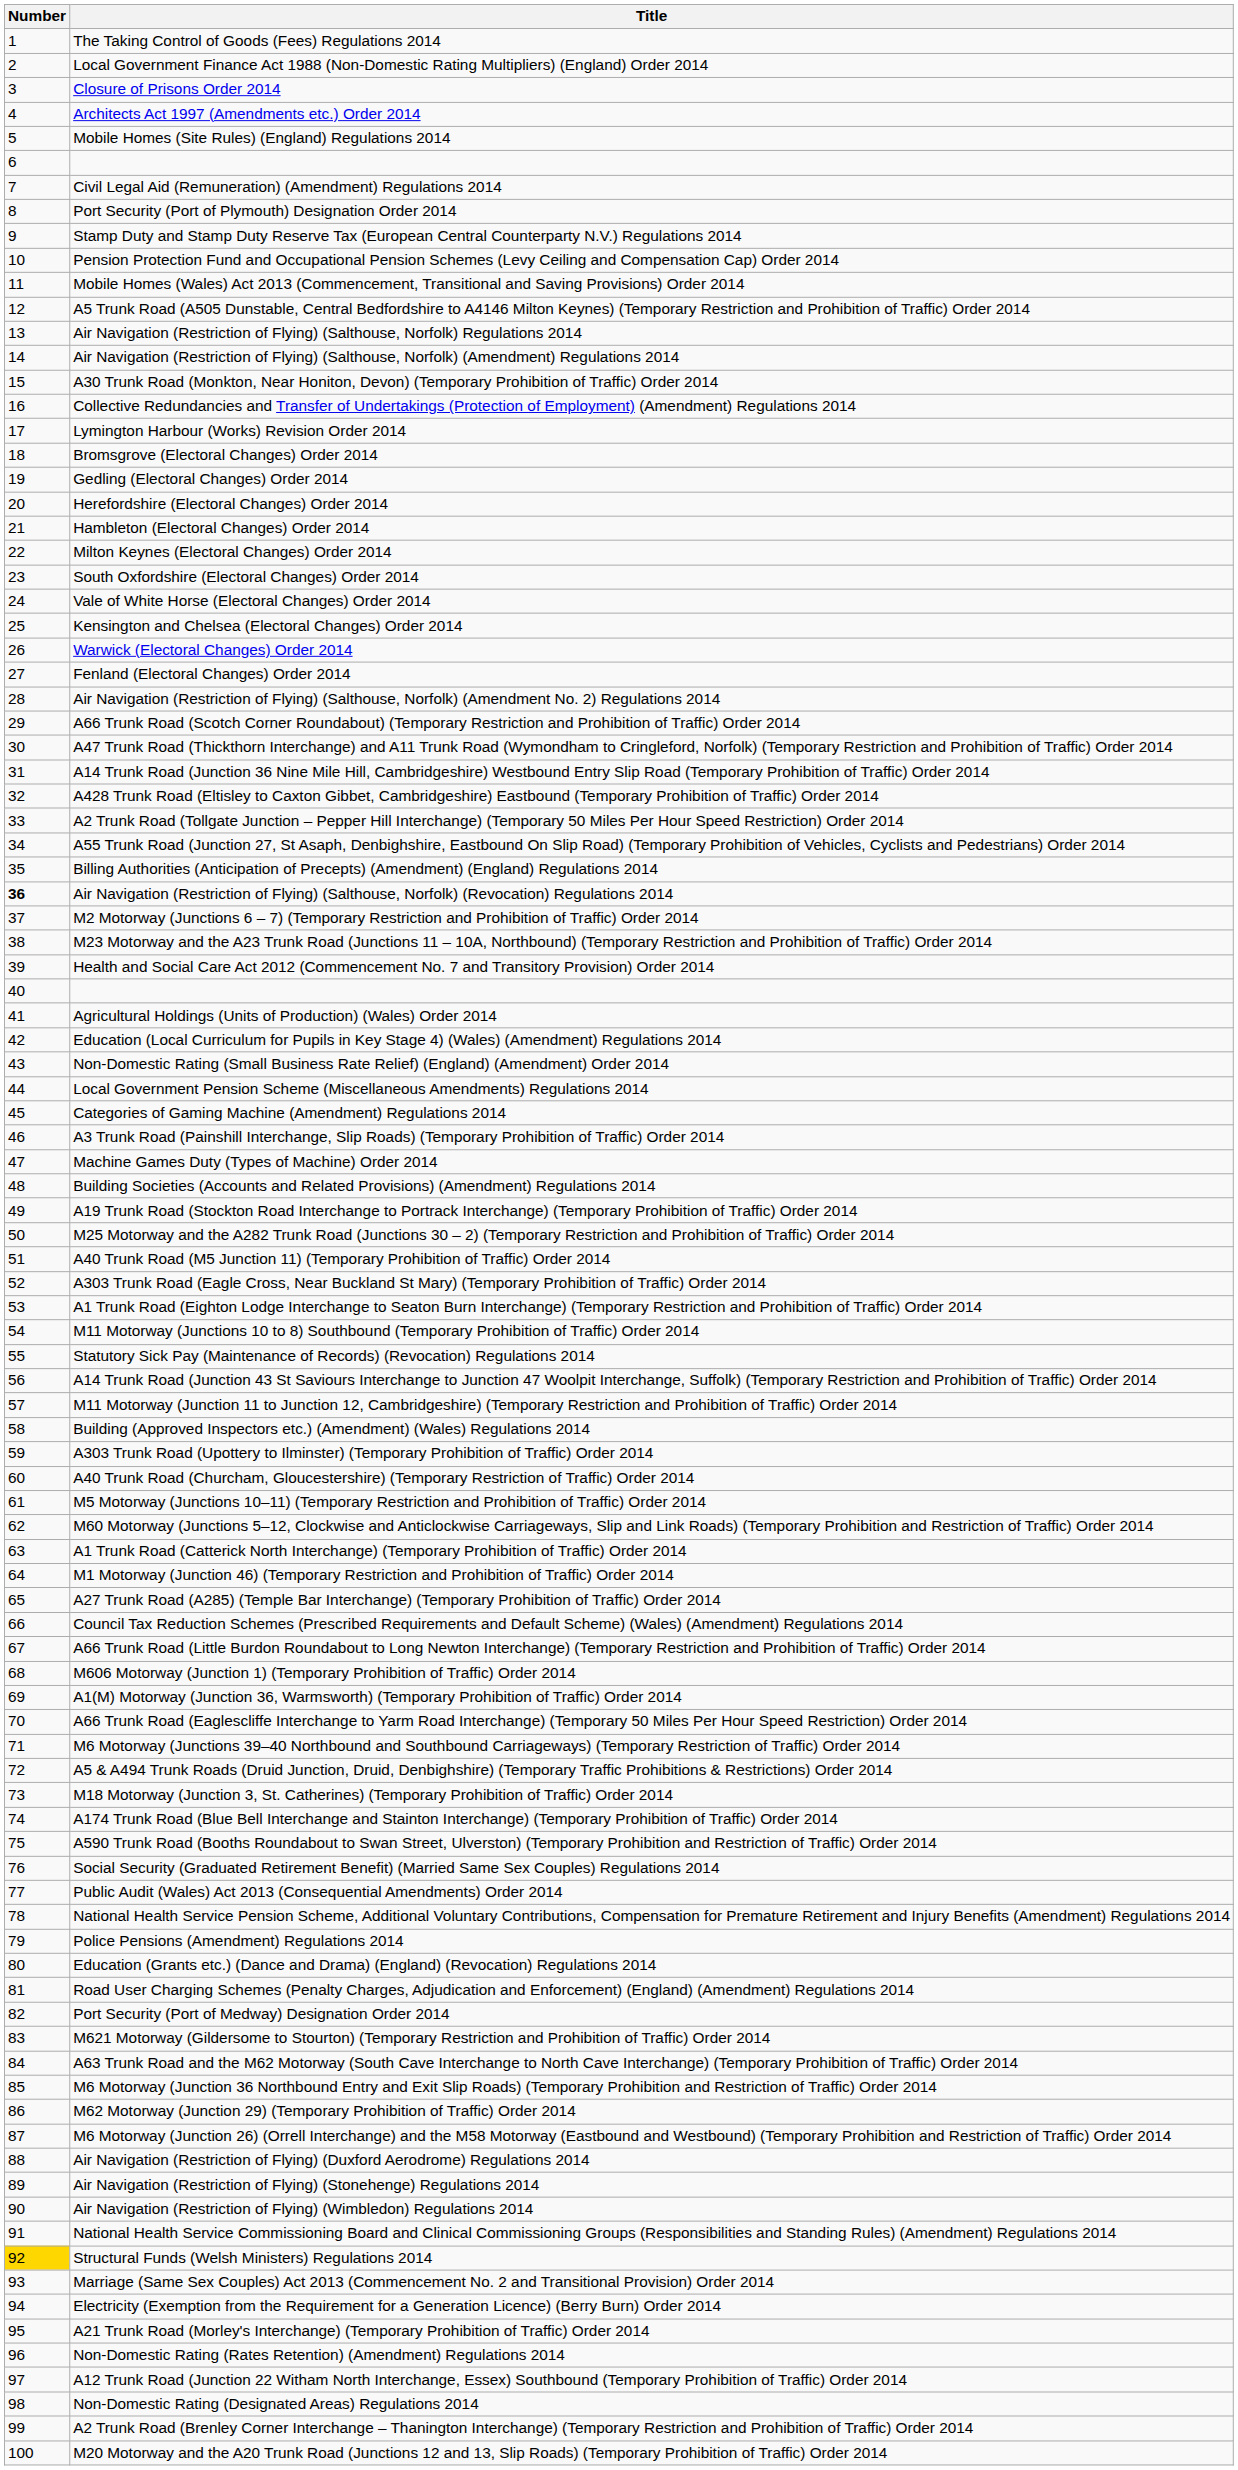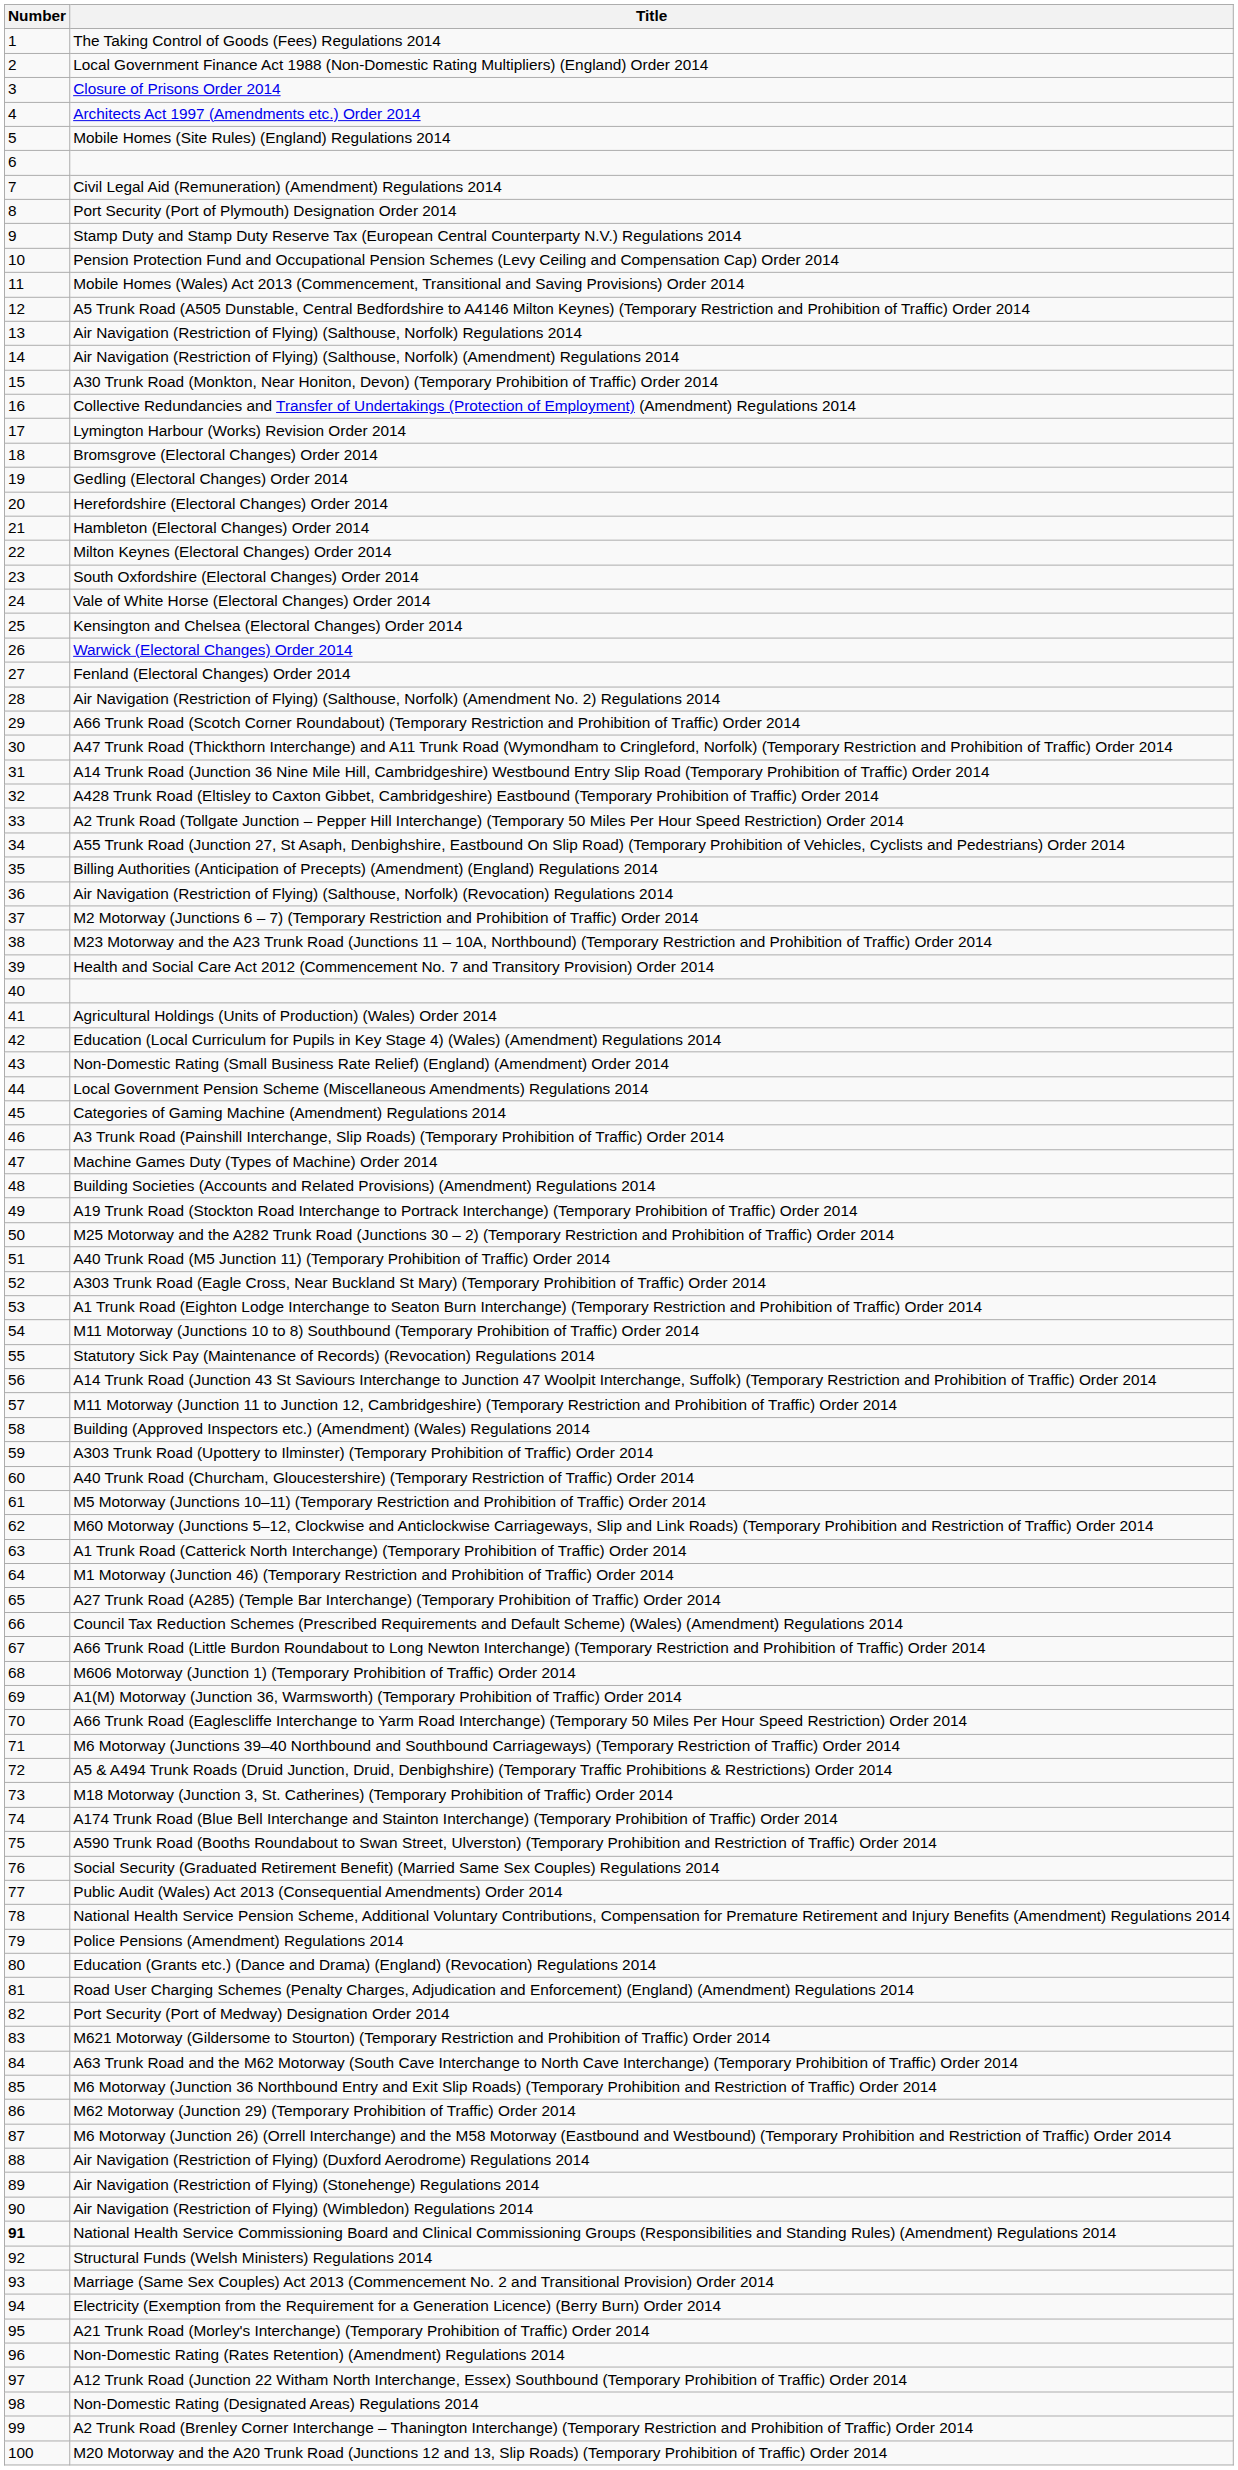 <table class="wikitable collapsible">
 <tr>
 <th>Number</th>
 <th>Title</th>
 </tr>
 <tr>
 <td>1</td>
 <td>The Taking Control of Goods (Fees) Regulations 2014</td>
 </tr>
 <tr>
 <td>2</td>
 <td>Local Government Finance Act 1988 (Non-Domestic Rating Multipliers) (England) Order 2014</td>
 </tr>
 <tr>
 <td>3</td>
 <td><a href='#'>Closure of Prisons Order 2014</a></td>
 </tr>
 <tr>
 <td>4</td>
 <td><a href='#'>Architects Act 1997 (Amendments etc.) Order 2014</a></td>
 </tr>
 <tr>
 <td>5</td>
 <td>Mobile Homes (Site Rules) (England) Regulations 2014</td>
 </tr>
 <tr>
 <td>6</td>
 <td></td>
 </tr>
 <tr>
 <td>7</td>
 <td>Civil Legal Aid (Remuneration) (Amendment) Regulations 2014</td>
 </tr>
 <tr>
 <td>8</td>
 <td>Port Security (Port of Plymouth) Designation Order 2014</td>
 </tr>
 <tr>
 <td>9</td>
 <td>Stamp Duty and Stamp Duty Reserve Tax (European Central Counterparty N.V.) Regulations 2014</td>
 </tr>
 <tr>
 <td>10</td>
 <td>Pension Protection Fund and Occupational Pension Schemes (Levy Ceiling and Compensation Cap) Order 2014</td>
 </tr>
 <tr>
 <td>11</td>
 <td>Mobile Homes (Wales) Act 2013 (Commencement, Transitional and Saving Provisions) Order 2014</td>
 </tr>
 <tr>
 <td>12</td>
 <td>A5 Trunk Road (A505 Dunstable, Central Bedfordshire to A4146 Milton Keynes) (Temporary Restriction and Prohibition of Traffic) Order 2014</td>
 </tr>
 <tr>
 <td>13</td>
 <td>Air Navigation (Restriction of Flying) (Salthouse, Norfolk) Regulations 2014</td>
 </tr>
 <tr>
 <td>14</td>
 <td>Air Navigation (Restriction of Flying) (Salthouse, Norfolk) (Amendment) Regulations 2014</td>
 </tr>
 <tr>
 <td>15</td>
 <td>A30 Trunk Road (Monkton, Near Honiton, Devon) (Temporary Prohibition of Traffic) Order 2014</td>
 </tr>
 <tr>
 <td>16</td>
 <td>Collective Redundancies and <a href='#'>Transfer of Undertakings (Protection of Employment)</a> (Amendment) Regulations 2014</td>
 </tr>
 <tr>
 <td>17</td>
 <td>Lymington Harbour (Works) Revision Order 2014</td>
 </tr>
 <tr>
 <td>18</td>
 <td>Bromsgrove (Electoral Changes) Order 2014</td>
 </tr>
 <tr>
 <td>19</td>
 <td>Gedling (Electoral Changes) Order 2014</td>
 </tr>
 <tr>
 <td>20</td>
 <td>Herefordshire (Electoral Changes) Order 2014</td>
 </tr>
 <tr>
 <td>21</td>
 <td>Hambleton (Electoral Changes) Order 2014</td>
 </tr>
 <tr>
 <td>22</td>
 <td>Milton Keynes (Electoral Changes) Order 2014</td>
 </tr>
 <tr>
 <td>23</td>
 <td>South Oxfordshire (Electoral Changes) Order 2014</td>
 </tr>
 <tr>
 <td>24</td>
 <td>Vale of White Horse (Electoral Changes) Order 2014</td>
 </tr>
 <tr>
 <td>25</td>
 <td>Kensington and Chelsea (Electoral Changes) Order 2014</td>
 </tr>
 <tr>
 <td>26</td>
 <td><a href='#'>Warwick (Electoral Changes) Order 2014</a></td>
 </tr>
 <tr>
 <td>27</td>
 <td>Fenland (Electoral Changes) Order 2014</td>
 </tr>
 <tr>
 <td>28</td>
 <td>Air Navigation (Restriction of Flying) (Salthouse, Norfolk) (Amendment No. 2) Regulations 2014</td>
 </tr>
 <tr>
 <td>29</td>
 <td>A66 Trunk Road (Scotch Corner Roundabout) (Temporary Restriction and Prohibition of Traffic) Order 2014</td>
 </tr>
 <tr>
 <td>30</td>
 <td>A47 Trunk Road (Thickthorn Interchange) and A11 Trunk Road (Wymondham to Cringleford, Norfolk) (Temporary Restriction and Prohibition of Traffic) Order 2014</td>
 </tr>
 <tr>
 <td>31</td>
 <td>A14 Trunk Road (Junction 36 Nine Mile Hill, Cambridgeshire) Westbound Entry Slip Road (Temporary Prohibition of Traffic) Order 2014</td>
 </tr>
 <tr>
 <td>32</td>
 <td>A428 Trunk Road (Eltisley to Caxton Gibbet, Cambridgeshire) Eastbound (Temporary Prohibition of Traffic) Order 2014</td>
 </tr>
 <tr>
 <td>33</td>
 <td>A2 Trunk Road (Tollgate Junction – Pepper Hill Interchange) (Temporary 50 Miles Per Hour Speed Restriction) Order 2014</td>
 </tr>
 <tr>
 <td>34</td>
 <td>A55 Trunk Road (Junction 27, St Asaph, Denbighshire, Eastbound On Slip Road) (Temporary Prohibition of Vehicles, Cyclists and Pedestrians) Order 2014</td>
 </tr>
 <tr>
 <td>35</td>
 <td>Billing Authorities (Anticipation of Precepts) (Amendment) (England) Regulations 2014</td>
 </tr>
 <tr>
-<td><strong>36</strong></td>
+<td>36</td>
 <td>Air Navigation (Restriction of Flying) (Salthouse, Norfolk) (Revocation) Regulations 2014</td>
 </tr>
 <tr>
 <td>37</td>
 <td>M2 Motorway (Junctions 6 – 7) (Temporary Restriction and Prohibition of Traffic) Order 2014</td>
 </tr>
 <tr>
 <td>38</td>
 <td>M23 Motorway and the A23 Trunk Road (Junctions 11 – 10A, Northbound) (Temporary Restriction and Prohibition of Traffic) Order 2014</td>
 </tr>
 <tr>
 <td>39</td>
 <td>Health and Social Care Act 2012 (Commencement No. 7 and Transitory Provision) Order 2014</td>
 </tr>
 <tr>
 <td>40</td>
 <td></td>
 </tr>
 <tr>
 <td>41</td>
 <td>Agricultural Holdings (Units of Production) (Wales) Order 2014</td>
 </tr>
 <tr>
 <td>42</td>
 <td>Education (Local Curriculum for Pupils in Key Stage 4) (Wales) (Amendment) Regulations 2014</td>
 </tr>
 <tr>
 <td>43</td>
 <td>Non-Domestic Rating (Small Business Rate Relief) (England) (Amendment) Order 2014</td>
 </tr>
 <tr>
 <td>44</td>
 <td>Local Government Pension Scheme (Miscellaneous Amendments) Regulations 2014</td>
 </tr>
 <tr>
 <td>45</td>
 <td>Categories of Gaming Machine (Amendment) Regulations 2014</td>
 </tr>
 <tr>
 <td>46</td>
 <td>A3 Trunk Road (Painshill Interchange, Slip Roads) (Temporary Prohibition of Traffic) Order 2014</td>
 </tr>
 <tr>
 <td>47</td>
 <td>Machine Games Duty (Types of Machine) Order 2014</td>
 </tr>
 <tr>
 <td>48</td>
 <td>Building Societies (Accounts and Related Provisions) (Amendment) Regulations 2014</td>
 </tr>
 <tr>
 <td>49</td>
 <td>A19 Trunk Road (Stockton Road Interchange to Portrack Interchange) (Temporary Prohibition of Traffic) Order 2014</td>
 </tr>
 <tr>
 <td>50</td>
 <td>M25 Motorway and the A282 Trunk Road (Junctions 30 – 2) (Temporary Restriction and Prohibition of Traffic) Order 2014</td>
 </tr>
 <tr>
 <td>51</td>
 <td>A40 Trunk Road (M5 Junction 11) (Temporary Prohibition of Traffic) Order 2014</td>
 </tr>
 <tr>
 <td>52</td>
 <td>A303 Trunk Road (Eagle Cross, Near Buckland St Mary) (Temporary Prohibition of Traffic) Order 2014</td>
 </tr>
 <tr>
 <td>53</td>
 <td>A1 Trunk Road (Eighton Lodge Interchange to Seaton Burn Interchange) (Temporary Restriction and Prohibition of Traffic) Order 2014</td>
 </tr>
 <tr>
 <td>54</td>
 <td>M11 Motorway (Junctions 10 to 8) Southbound (Temporary Prohibition of Traffic) Order 2014</td>
 </tr>
 <tr>
 <td>55</td>
 <td>Statutory Sick Pay (Maintenance of Records) (Revocation) Regulations 2014</td>
 </tr>
 <tr>
 <td>56</td>
 <td>A14 Trunk Road (Junction 43 St Saviours Interchange to Junction 47 Woolpit Interchange, Suffolk) (Temporary Restriction and Prohibition of Traffic) Order 2014</td>
 </tr>
 <tr>
 <td>57</td>
 <td>M11 Motorway (Junction 11 to Junction 12, Cambridgeshire) (Temporary Restriction and Prohibition of Traffic) Order 2014</td>
 </tr>
 <tr>
 <td>58</td>
 <td>Building (Approved Inspectors etc.) (Amendment) (Wales) Regulations 2014</td>
 </tr>
 <tr>
 <td>59</td>
 <td>A303 Trunk Road (Upottery to Ilminster) (Temporary Prohibition of Traffic) Order 2014</td>
 </tr>
 <tr>
 <td>60</td>
 <td>A40 Trunk Road (Churcham, Gloucestershire) (Temporary Restriction of Traffic) Order 2014</td>
 </tr>
 <tr>
 <td>61</td>
 <td>M5 Motorway (Junctions 10–11) (Temporary Restriction and Prohibition of Traffic) Order 2014</td>
 </tr>
 <tr>
 <td>62</td>
 <td>M60 Motorway (Junctions 5–12, Clockwise and Anticlockwise Carriageways, Slip and Link Roads) (Temporary Prohibition and Restriction of Traffic) Order 2014</td>
 </tr>
 <tr>
 <td>63</td>
 <td>A1 Trunk Road (Catterick North Interchange) (Temporary Prohibition of Traffic) Order 2014</td>
 </tr>
 <tr>
 <td>64</td>
 <td>M1 Motorway (Junction 46) (Temporary Restriction and Prohibition of Traffic) Order 2014</td>
 </tr>
 <tr>
 <td>65</td>
 <td>A27 Trunk Road (A285) (Temple Bar Interchange) (Temporary Prohibition of Traffic) Order 2014</td>
 </tr>
 <tr>
 <td>66</td>
 <td>Council Tax Reduction Schemes (Prescribed Requirements and Default Scheme) (Wales) (Amendment) Regulations 2014</td>
 </tr>
 <tr>
 <td>67</td>
 <td>A66 Trunk Road (Little Burdon Roundabout to Long Newton Interchange) (Temporary Restriction and Prohibition of Traffic) Order 2014</td>
 </tr>
 <tr>
 <td>68</td>
 <td>M606 Motorway (Junction 1) (Temporary Prohibition of Traffic) Order 2014</td>
 </tr>
 <tr>
 <td>69</td>
 <td>A1(M) Motorway (Junction 36, Warmsworth) (Temporary Prohibition of Traffic) Order 2014</td>
 </tr>
 <tr>
 <td>70</td>
 <td>A66 Trunk Road (Eaglescliffe Interchange to Yarm Road Interchange) (Temporary 50 Miles Per Hour Speed Restriction) Order 2014</td>
 </tr>
 <tr>
 <td>71</td>
 <td>M6 Motorway (Junctions 39–40 Northbound and Southbound Carriageways) (Temporary Restriction of Traffic) Order 2014</td>
 </tr>
 <tr>
 <td>72</td>
 <td>A5 & A494 Trunk Roads (Druid Junction, Druid, Denbighshire) (Temporary Traffic Prohibitions & Restrictions) Order 2014</td>
 </tr>
 <tr>
 <td>73</td>
 <td>M18 Motorway (Junction 3, St. Catherines) (Temporary Prohibition of Traffic) Order 2014</td>
 </tr>
 <tr>
 <td>74</td>
 <td>A174 Trunk Road (Blue Bell Interchange and Stainton Interchange) (Temporary Prohibition of Traffic) Order 2014</td>
 </tr>
 <tr>
 <td>75</td>
 <td>A590 Trunk Road (Booths Roundabout to Swan Street, Ulverston) (Temporary Prohibition and Restriction of Traffic) Order 2014</td>
 </tr>
 <tr>
 <td>76</td>
 <td>Social Security (Graduated Retirement Benefit) (Married Same Sex Couples) Regulations 2014</td>
 </tr>
 <tr>
 <td>77</td>
 <td>Public Audit (Wales) Act 2013 (Consequential Amendments) Order 2014</td>
 </tr>
 <tr>
 <td>78</td>
 <td>National Health Service Pension Scheme, Additional Voluntary Contributions, Compensation for Premature Retirement and Injury Benefits (Amendment) Regulations 2014</td>
 </tr>
 <tr>
 <td>79</td>
 <td>Police Pensions (Amendment) Regulations 2014</td>
 </tr>
 <tr>
 <td>80</td>
 <td>Education (Grants etc.) (Dance and Drama) (England) (Revocation) Regulations 2014</td>
 </tr>
 <tr>
 <td>81</td>
 <td>Road User Charging Schemes (Penalty Charges, Adjudication and Enforcement) (England) (Amendment) Regulations 2014</td>
 </tr>
 <tr>
 <td>82</td>
 <td>Port Security (Port of Medway) Designation Order 2014</td>
 </tr>
 <tr>
 <td>83</td>
 <td>M621 Motorway (Gildersome to Stourton) (Temporary Restriction and Prohibition of Traffic) Order 2014</td>
 </tr>
 <tr>
 <td>84</td>
 <td>A63 Trunk Road and the M62 Motorway (South Cave Interchange to North Cave Interchange) (Temporary Prohibition of Traffic) Order 2014</td>
 </tr>
 <tr>
 <td>85</td>
 <td>M6 Motorway (Junction 36 Northbound Entry and Exit Slip Roads) (Temporary Prohibition and Restriction of Traffic) Order 2014</td>
 </tr>
 <tr>
 <td>86</td>
 <td>M62 Motorway (Junction 29) (Temporary Prohibition of Traffic) Order 2014</td>
 </tr>
 <tr>
 <td>87</td>
 <td>M6 Motorway (Junction 26) (Orrell Interchange) and the M58 Motorway (Eastbound and Westbound) (Temporary Prohibition and Restriction of Traffic) Order 2014</td>
 </tr>
 <tr>
 <td>88</td>
 <td>Air Navigation (Restriction of Flying) (Duxford Aerodrome) Regulations 2014</td>
 </tr>
 <tr>
 <td>89</td>
 <td>Air Navigation (Restriction of Flying) (Stonehenge) Regulations 2014</td>
 </tr>
 <tr>
 <td>90</td>
 <td>Air Navigation (Restriction of Flying) (Wimbledon) Regulations 2014</td>
 </tr>
 <tr>
-<td>91</td>
+<td><strong>91</strong></td>
 <td>National Health Service Commissioning Board and Clinical Commissioning Groups (Responsibilities and Standing Rules) (Amendment) Regulations 2014</td>
 </tr>
 <tr>
-<td style="background: gold;">92</td>
+<td>92</td>
 <td>Structural Funds (Welsh Ministers) Regulations 2014</td>
 </tr>
 <tr>
 <td>93</td>
 <td>Marriage (Same Sex Couples) Act 2013 (Commencement No. 2 and Transitional Provision) Order 2014</td>
 </tr>
 <tr>
 <td>94</td>
 <td>Electricity (Exemption from the Requirement for a Generation Licence) (Berry Burn) Order 2014</td>
 </tr>
 <tr>
 <td>95</td>
 <td>A21 Trunk Road (Morley's Interchange) (Temporary Prohibition of Traffic) Order 2014</td>
 </tr>
 <tr>
 <td>96</td>
 <td>Non-Domestic Rating (Rates Retention) (Amendment) Regulations 2014</td>
 </tr>
 <tr>
 <td>97</td>
 <td>A12 Trunk Road (Junction 22 Witham North Interchange, Essex) Southbound (Temporary Prohibition of Traffic) Order 2014</td>
 </tr>
 <tr>
 <td>98</td>
 <td>Non-Domestic Rating (Designated Areas) Regulations 2014</td>
 </tr>
 <tr>
 <td>99</td>
 <td>A2 Trunk Road (Brenley Corner Interchange – Thanington Interchange) (Temporary Restriction and Prohibition of Traffic) Order 2014</td>
 </tr>
 <tr>
 <td>100</td>
 <td>M20 Motorway and the A20 Trunk Road (Junctions 12 and 13, Slip Roads) (Temporary Prohibition of Traffic) Order 2014</td>
 </tr>
 </table>
